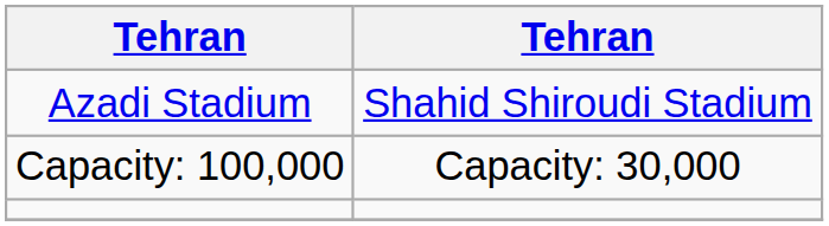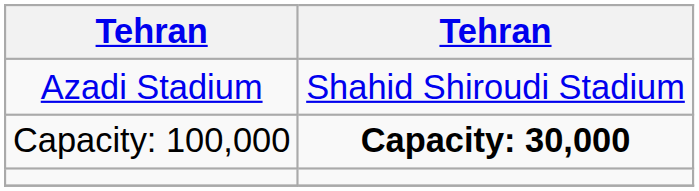 <table class="wikitable" style="text-align:center">
 <tr>
 <th><a href='#'>Tehran</a></th>
 <th><a href='#'>Tehran</a></th>
 </tr>
 <tr>
 <td><a href='#'>Azadi Stadium</a></td>
 <td><a href='#'>Shahid Shiroudi Stadium</a></td>
 </tr>
 <tr>
 <td>Capacity: 100,000</td>
-<td>Capacity: 30,000</td>
+<td><strong>Capacity: 30,000</strong></td>
 </tr>
 <tr>
 <td></td>
 <td></td>
 </tr>
 <tr>
 </tr>
 </table>
